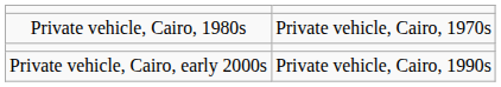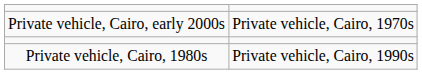 <table class=wikitable>
 <tr align=center>
 <td></td>
 <td></td>
 </tr>
 <tr align=center>
-<td>Private vehicle, Cairo, 1980s</td>
+<td>Private vehicle, Cairo, early 2000s</td>
 <td>Private vehicle, Cairo, 1970s</td>
 </tr>
 <tr align=center>
 <td></td>
 <td></td>
 </tr>
 <tr align=center>
-<td>Private vehicle, Cairo, early 2000s</td>
+<td>Private vehicle, Cairo, 1980s</td>
 <td>Private vehicle, Cairo, 1990s</td>
 </tr>
 </table>
